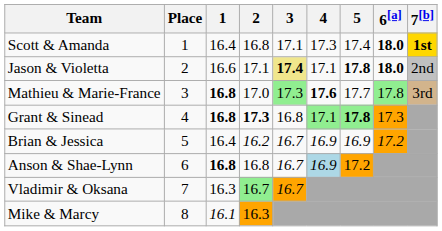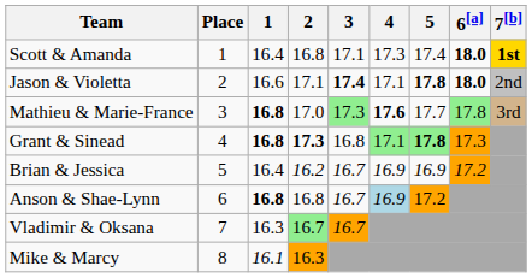 <table class="wikitable sortable" style="text-align:center; margin:auto;">
 <tr>
 <th>Team</th>
 <th>Place</th>
 <th>1</th>
 <th>2</th>
 <th>3</th>
 <th>4</th>
 <th>5</th>
 <th>6<sup><a href='#'><strong>[a]</strong></a></sup></th>
 <th>7<sup><a href='#'><strong>[b]</strong></a></sup></th>
 </tr>
 <tr>
 <td align="left">Scott & Amanda</td>
 <td>1</td>
 <td>16.4</td>
 <td>16.8</td>
 <td>17.1</td>
 <td>17.3</td>
 <td>17.4</td>
 <td><span><strong>18.0</strong></span></td>
 <td style="background:gold;"><strong>1st</strong></td>
 </tr>
 <tr>
 <td align="left">Jason & Violetta</td>
 <td>2</td>
 <td>16.6</td>
 <td>17.1</td>
-<td style="background: khaki;"><span><strong>17.4</strong></span></td>
+<td><span><strong>17.4</strong></span></td>
 <td>17.1</td>
 <td><span><strong>17.8</strong></span></td>
 <td><span><strong>18.0</strong></span></td>
 <td style="background:silver;">2nd</td>
 </tr>
 <tr>
 <td align="left">Mathieu & Marie-France</td>
 <td>3</td>
 <td><span><strong>16.8</strong></span></td>
 <td>17.0</td>
 <td style="background:lightgreen;">17.3</td>
 <td><span><strong>17.6</strong></span></td>
 <td>17.7</td>
 <td style="background:lightgreen;">17.8</td>
 <td style="background:tan;">3rd</td>
 </tr>
 <tr>
 <td align="left">Grant & Sinead</td>
 <td>4</td>
 <td><span><strong>16.8</strong></span></td>
 <td><span><strong>17.3</strong></span></td>
 <td>16.8</td>
 <td style="background:lightgreen;">17.1</td>
 <td style="background:lightgreen;"><span><strong>17.8</strong></span></td>
 <td style="background:orange;">17.3</td>
 <td style="background:darkgray;"></td>
 </tr>
 <tr>
 <td align="left">Brian & Jessica</td>
 <td>5</td>
 <td>16.4</td>
 <td><span><em>16.2</em></span></td>
 <td><span><em>16.7</em></span></td>
 <td><span><em>16.9</em></span></td>
 <td><span><em>16.9</em></span></td>
 <td style="background:orange;"><span><em>17.2</em></span></td>
 <td style="background:darkgray;"></td>
 </tr>
 <tr>
 <td align="left">Anson & Shae-Lynn</td>
 <td>6</td>
 <td><span><strong>16.8</strong></span></td>
 <td>16.8</td>
 <td><span><em>16.7</em></span></td>
 <td style="background:lightblue;"><span><em>16.9</em></span></td>
 <td style="background:orange;">17.2</td>
 <td style="background:darkgray;" colspan="2"></td>
 </tr>
 <tr>
 <td align="left">Vladimir & Oksana</td>
 <td>7</td>
 <td>16.3</td>
 <td style="background:lightgreen;">16.7</td>
 <td style="background:orange;"><span><em>16.7</em></span></td>
 <td style="background:darkgray;" colspan="4"></td>
 </tr>
 <tr>
 <td align="left">Mike & Marcy</td>
 <td>8</td>
 <td><span><em>16.1</em></span></td>
 <td style="background:orange;">16.3</td>
 <td style="background:darkgray;" colspan="5"></td>
 </tr>
 </table>
